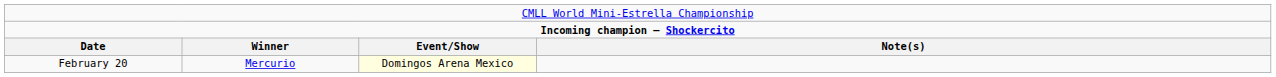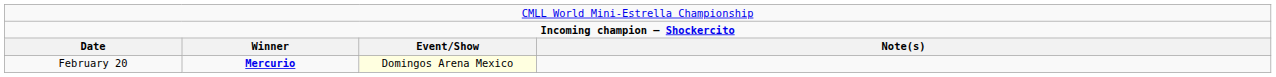 <table class="wikitable" style="text-align:center; width:100%;">
 <tr>
 <td colspan="4" style="text-align: center;"><a href='#'>CMLL World Mini-Estrella Championship</a></td>
 </tr>
 <tr>
 <td colspan="4" style="text-align: center;"><strong>Incoming champion – <a href='#'>Shockercito</a></strong></td>
 </tr>
 <tr>
 <th width=14%>Date</th>
 <th width=14%>Winner</th>
 <th width=14%>Event/Show</th>
 <th width=58%>Note(s)</th>
 </tr>
 <tr>
 <td>February 20</td>
-<td><a href='#'>Mercurio</a></td>
+<td><strong><a href='#'>Mercurio</a></strong></td>
 <td style="background: lightyellow;">Domingos Arena Mexico</td>
 <td></td>
 </tr>
 </table>
